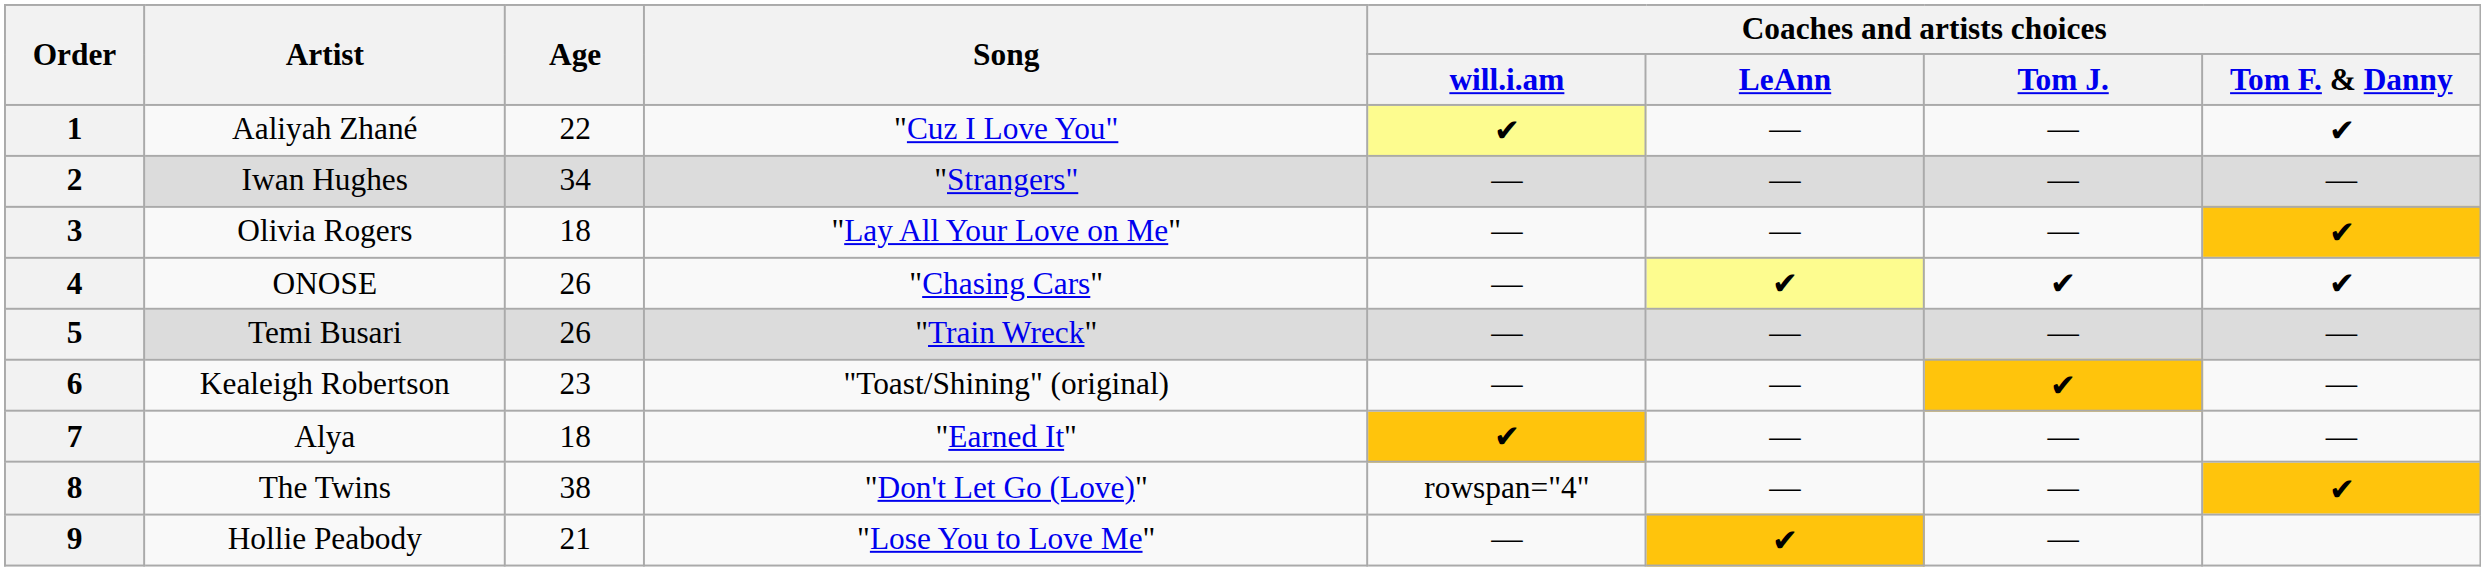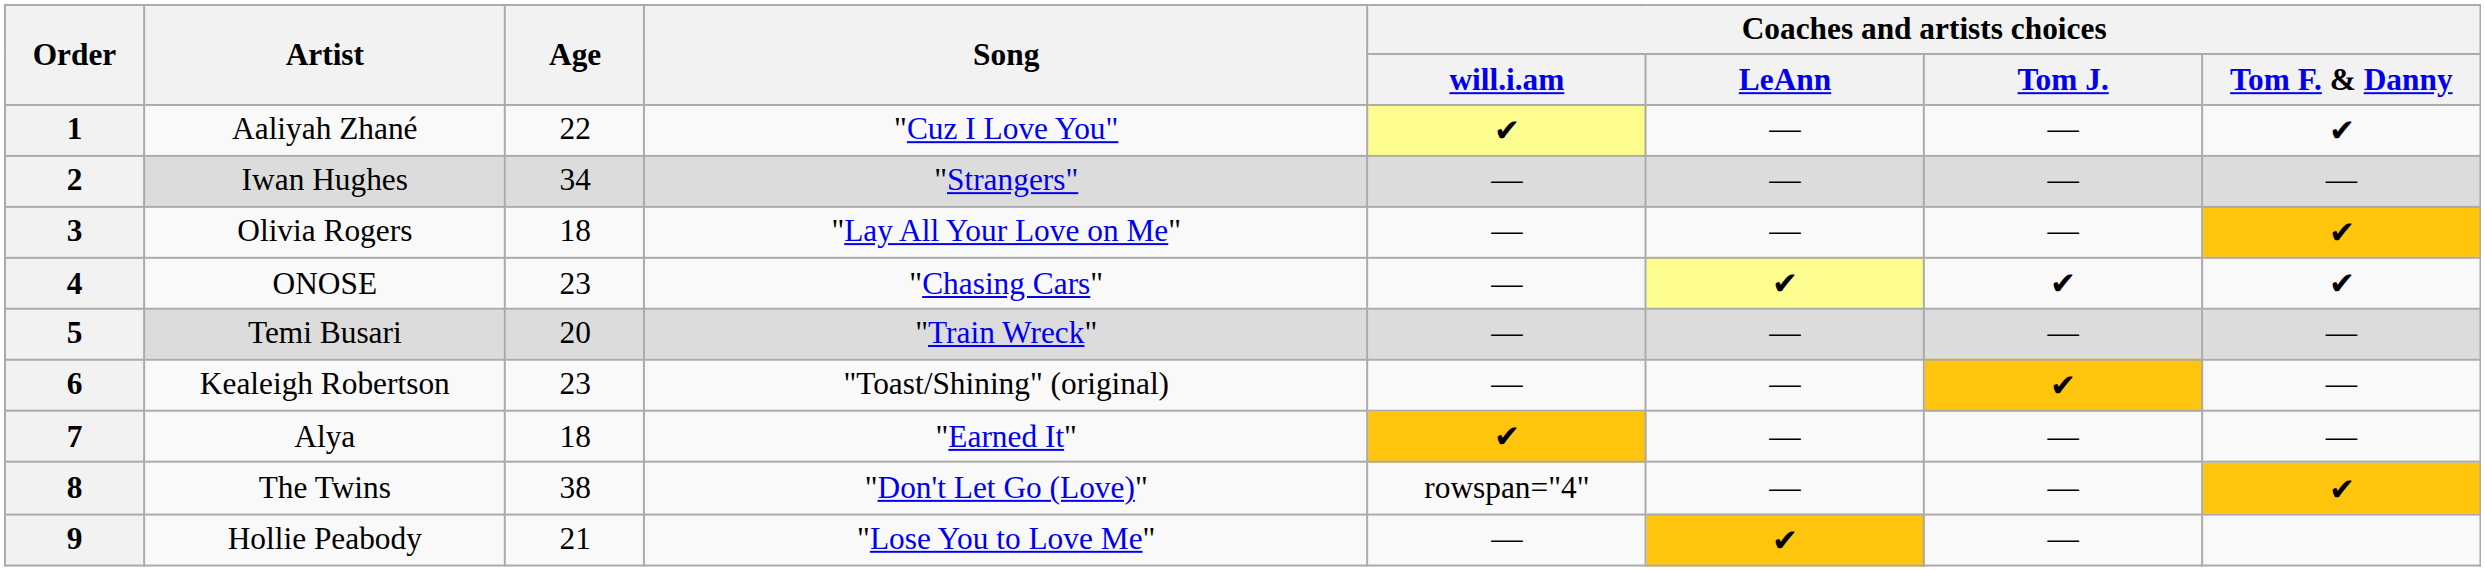 <table class="wikitable" style="text-align:center; width:100%;">
 <tr>
 <th rowspan="2" scope="col" style="width:05%;">Order</th>
 <th rowspan="2" scope="col" style="width:13%;">Artist</th>
 <th rowspan="2" scope="col" style="width:05%;">Age</th>
 <th rowspan="2" scope="col" style="width:26%;">Song</th>
 <th colspan="4" scope="col" style="width:40%;">Coaches and artists choices</th>
 </tr>
 <tr>
 <th style="width:10%;"><a href='#'>will.i.am</a></th>
 <th style="width:10%;"><a href='#'>LeAnn</a></th>
 <th style="width:10%;"><a href='#'>Tom J.</a></th>
 <th style="width:10%;"><a href='#'>Tom F.</a> & <a href='#'>Danny</a></th>
 </tr>
 <tr>
 <th>1</th>
 <td scope="row">Aaliyah Zhané</td>
 <td>22</td>
 <td>"<a href='#'>Cuz I Love You"</a></td>
 <td style="background:#fdfc8f">✔</td>
 <td>—</td>
 <td>—</td>
 <td>✔</td>
 </tr>
 <tr style="background:#DCDCDC">
 <th>2</th>
 <td scope="row">Iwan Hughes</td>
 <td>34</td>
 <td>"<a href='#'>Strangers"</a></td>
 <td>—</td>
 <td>—</td>
 <td>—</td>
 <td>—</td>
 </tr>
 <tr>
 <th>3</th>
 <td scope="row">Olivia Rogers</td>
 <td>18</td>
 <td>"<a href='#'>Lay All Your Love on Me</a>"</td>
 <td>—</td>
 <td>—</td>
 <td>—</td>
 <td style="background:#ffc40c">✔</td>
 </tr>
 <tr>
 <th>4</th>
 <td scope="row">ONOSE</td>
-<td>26</td>
+<td>23</td>
 <td>"<a href='#'>Chasing Cars</a>"</td>
 <td>—</td>
 <td style="background:#fdfc8f">✔</td>
 <td>✔</td>
 <td>✔</td>
 </tr>
 <tr style="background:#DCDCDC">
 <th>5</th>
 <td scope="row">Temi Busari</td>
-<td>26</td>
+<td>20</td>
 <td>"<a href='#'>Train Wreck</a>"</td>
 <td>—</td>
 <td>—</td>
 <td>—</td>
 <td>—</td>
 </tr>
 <tr>
 <th>6</th>
 <td scope="row">Kealeigh Robertson</td>
 <td>23</td>
 <td>"Toast/Shining" (original)</td>
 <td>—</td>
 <td>—</td>
 <td style="background:#ffc40c">✔</td>
 <td>—</td>
 </tr>
 <tr>
 <th>7</th>
 <td scope="row">Alya</td>
 <td>18</td>
 <td>"<a href='#'>Earned It</a>"</td>
 <td style="background:#ffc40c">✔</td>
 <td>—</td>
 <td>—</td>
 <td>—</td>
 </tr>
 <tr>
 <th>8</th>
 <td scope="row">The Twins</td>
 <td>38</td>
 <td>"<a href='#'>Don't Let Go (Love)</a>"</td>
 <td>rowspan="4" </td>
 <td>—</td>
 <td>—</td>
 <td style="background:#ffc40c">✔</td>
 </tr>
 <tr>
 <th>9</th>
 <td scope="row">Hollie Peabody</td>
 <td>21</td>
 <td>"<a href='#'>Lose You to Love Me</a>"</td>
 <td>—</td>
 <td style="background:#ffc40c">✔</td>
 <td>—</td>
 </tr>
 </table>
